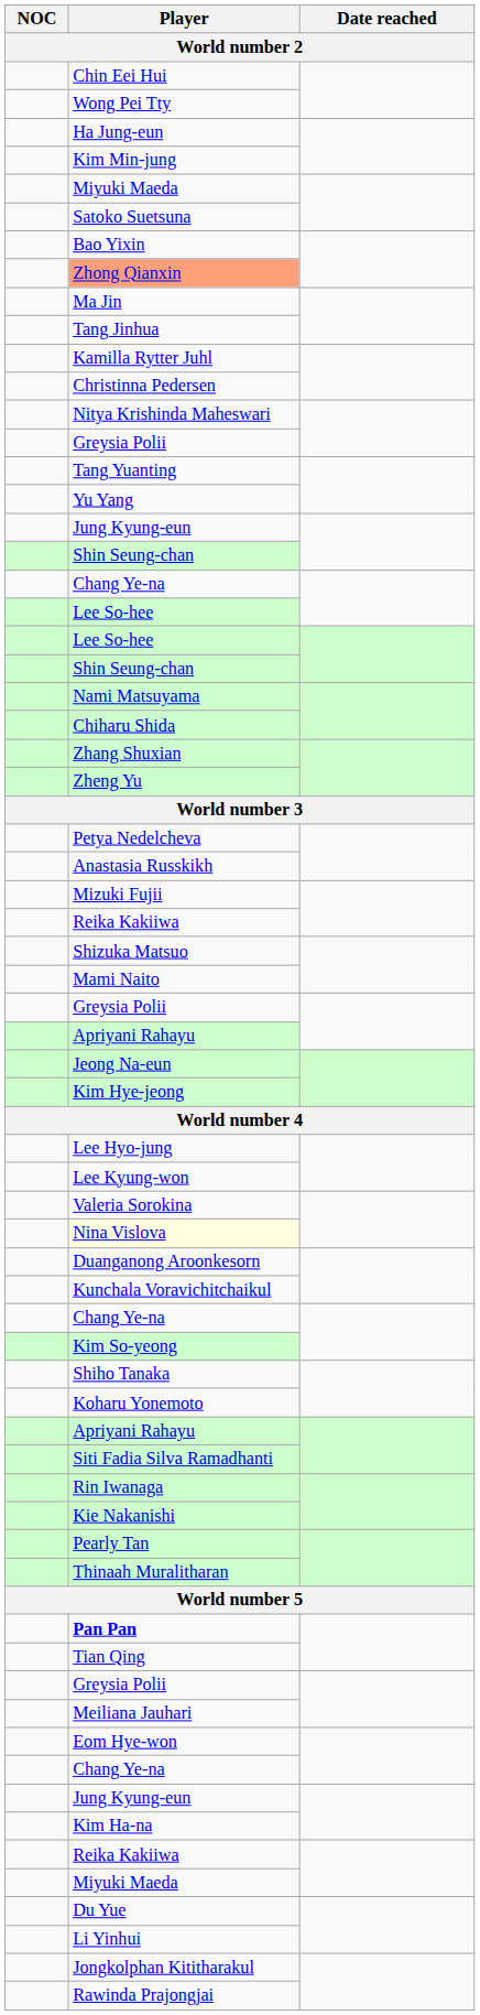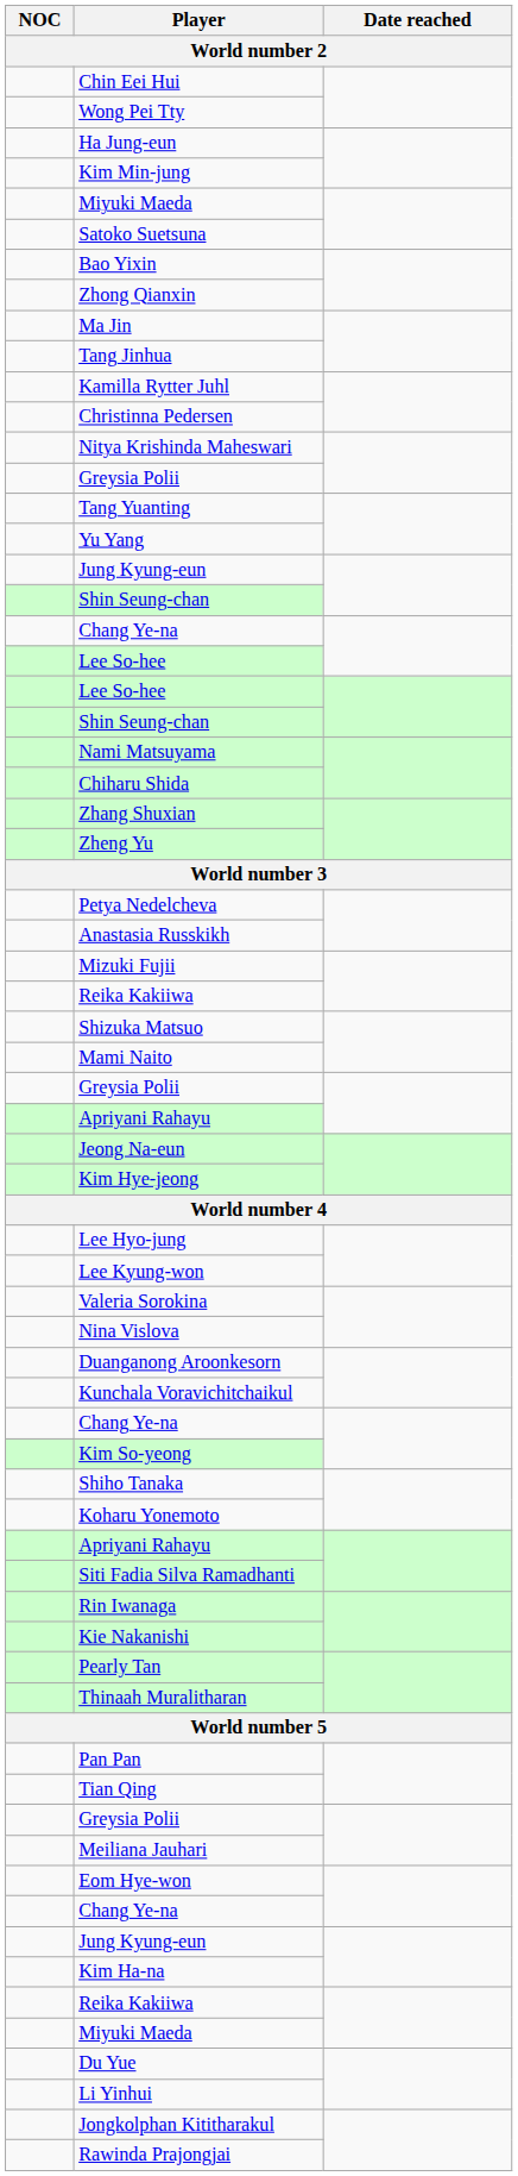 <table class="sortable wikitable">
 <tr>
 <th width="50">NOC</th>
 <th width="200">Player</th>
 <th width="150">Date reached</th>
 </tr>
 <tr>
 <th colspan="3">World number 2</th>
 </tr>
 <tr>
 <td align="center"></td>
 <td><a href='#'>Chin Eei Hui</a></td>
 <td rowspan="2"></td>
 </tr>
 <tr>
 <td align="center"></td>
 <td><a href='#'>Wong Pei Tty</a></td>
 </tr>
 <tr>
 <td align="center"></td>
 <td><a href='#'>Ha Jung-eun</a></td>
 <td rowspan="2"></td>
 </tr>
 <tr>
 <td align="center"></td>
 <td><a href='#'>Kim Min-jung</a></td>
 </tr>
 <tr>
 <td align="center"></td>
 <td><a href='#'>Miyuki Maeda</a></td>
 <td rowspan="2"></td>
 </tr>
 <tr>
 <td align="center"></td>
 <td><a href='#'>Satoko Suetsuna</a></td>
 </tr>
 <tr>
 <td align="center"></td>
 <td><a href='#'>Bao Yixin</a></td>
 <td rowspan="2"></td>
 </tr>
 <tr>
 <td align="center"></td>
-<td style="background: lightsalmon;"><a href='#'>Zhong Qianxin</a></td>
+<td><a href='#'>Zhong Qianxin</a></td>
 </tr>
 <tr>
 <td align="center"></td>
 <td><a href='#'>Ma Jin</a></td>
 <td rowspan="2"></td>
 </tr>
 <tr>
 <td align="center"></td>
 <td><a href='#'>Tang Jinhua</a></td>
 </tr>
 <tr>
 <td align="center"></td>
 <td><a href='#'>Kamilla Rytter Juhl</a></td>
 <td rowspan="2"></td>
 </tr>
 <tr>
 <td align="center"></td>
 <td><a href='#'>Christinna Pedersen</a></td>
 </tr>
 <tr>
 <td align="center"></td>
 <td><a href='#'>Nitya Krishinda Maheswari</a></td>
 <td rowspan="2"></td>
 </tr>
 <tr>
 <td align="center"></td>
 <td><a href='#'>Greysia Polii</a></td>
 </tr>
 <tr>
 <td align="center"></td>
 <td><a href='#'>Tang Yuanting</a></td>
 <td rowspan="2"></td>
 </tr>
 <tr>
 <td align="center"></td>
 <td><a href='#'>Yu Yang</a></td>
 </tr>
 <tr>
 <td align="center"></td>
 <td><a href='#'>Jung Kyung-eun</a></td>
 <td rowspan="2"></td>
 </tr>
 <tr bgcolor="#ccffcc">
 <td align="center"></td>
 <td><a href='#'>Shin Seung-chan</a></td>
 </tr>
 <tr>
 <td align="center"></td>
 <td><a href='#'>Chang Ye-na</a></td>
 <td rowspan="2"></td>
 </tr>
 <tr bgcolor="#ccffcc">
 <td align="center"></td>
 <td><a href='#'>Lee So-hee</a></td>
 </tr>
 <tr bgcolor="#ccffcc">
 <td align="center"></td>
 <td><a href='#'>Lee So-hee</a></td>
 <td rowspan="2"></td>
 </tr>
 <tr bgcolor="#ccffcc">
 <td align="center"></td>
 <td><a href='#'>Shin Seung-chan</a></td>
 </tr>
 <tr bgcolor="#ccffcc">
 <td align="center"></td>
 <td><a href='#'>Nami Matsuyama</a></td>
 <td rowspan="2"></td>
 </tr>
 <tr bgcolor="#ccffcc">
 <td align="center"></td>
 <td><a href='#'>Chiharu Shida</a></td>
 </tr>
 <tr bgcolor="#ccffcc">
 <td align="center"></td>
 <td><a href='#'>Zhang Shuxian</a></td>
 <td rowspan="2"></td>
 </tr>
 <tr bgcolor="#ccffcc">
 <td align="center"></td>
 <td><a href='#'>Zheng Yu</a></td>
 </tr>
 <tr>
 <th colspan="3">World number 3</th>
 </tr>
 <tr>
 <td align="center"></td>
 <td><a href='#'>Petya Nedelcheva</a></td>
 <td rowspan="2"></td>
 </tr>
 <tr>
 <td align="center"></td>
 <td><a href='#'>Anastasia Russkikh</a></td>
 </tr>
 <tr>
 <td align="center"></td>
 <td><a href='#'>Mizuki Fujii</a></td>
 <td rowspan="2"></td>
 </tr>
 <tr>
 <td align="center"></td>
 <td><a href='#'>Reika Kakiiwa</a></td>
 </tr>
 <tr>
 <td align="center"></td>
 <td><a href='#'>Shizuka Matsuo</a></td>
 <td rowspan="2"></td>
 </tr>
 <tr>
 <td align="center"></td>
 <td><a href='#'>Mami Naito</a></td>
 </tr>
 <tr>
 <td align="center"></td>
 <td><a href='#'>Greysia Polii</a></td>
 <td rowspan="2"></td>
 </tr>
 <tr bgcolor="#ccffcc">
 <td align="center"></td>
 <td><a href='#'>Apriyani Rahayu</a></td>
 </tr>
 <tr bgcolor="#ccffcc">
 <td align="center"></td>
 <td><a href='#'>Jeong Na-eun</a></td>
 <td rowspan="2"></td>
 </tr>
 <tr bgcolor="#ccffcc">
 <td align="center"></td>
 <td><a href='#'>Kim Hye-jeong</a></td>
 </tr>
 <tr>
 <th colspan="3">World number 4</th>
 </tr>
 <tr>
 <td align="center"></td>
 <td><a href='#'>Lee Hyo-jung</a></td>
 <td rowspan="2"></td>
 </tr>
 <tr>
 <td align="center"></td>
 <td><a href='#'>Lee Kyung-won</a></td>
 </tr>
 <tr>
 <td align="center"></td>
 <td><a href='#'>Valeria Sorokina</a></td>
 <td rowspan="2"></td>
 </tr>
 <tr>
 <td align="center"></td>
-<td style="background: lightyellow;"><a href='#'>Nina Vislova</a></td>
+<td><a href='#'>Nina Vislova</a></td>
 </tr>
 <tr>
 <td align="center"></td>
 <td><a href='#'>Duanganong Aroonkesorn</a></td>
 <td rowspan="2"></td>
 </tr>
 <tr>
 <td align="center"></td>
 <td><a href='#'>Kunchala Voravichitchaikul</a></td>
 </tr>
 <tr>
 <td align="center"></td>
 <td><a href='#'>Chang Ye-na</a></td>
 <td rowspan="2"></td>
 </tr>
 <tr bgcolor="#ccffcc">
 <td align="center"></td>
 <td><a href='#'>Kim So-yeong</a></td>
 </tr>
 <tr>
 <td align="center"></td>
 <td><a href='#'>Shiho Tanaka</a></td>
 <td rowspan="2"></td>
 </tr>
 <tr>
 <td align="center"></td>
 <td><a href='#'>Koharu Yonemoto</a></td>
 </tr>
 <tr bgcolor="#ccffcc">
 <td align="center"></td>
 <td><a href='#'>Apriyani Rahayu</a></td>
 <td rowspan="2"></td>
 </tr>
 <tr bgcolor="#ccffcc">
 <td align="center"></td>
 <td><a href='#'>Siti Fadia Silva Ramadhanti</a></td>
 </tr>
 <tr bgcolor="#ccffcc">
 <td align="center"></td>
 <td><a href='#'>Rin Iwanaga</a></td>
 <td rowspan="2"></td>
 </tr>
 <tr bgcolor="#ccffcc">
 <td align="center"></td>
 <td><a href='#'>Kie Nakanishi</a></td>
 </tr>
 <tr bgcolor="#ccffcc">
 <td align="center"></td>
 <td><a href='#'>Pearly Tan</a></td>
 <td rowspan="2"></td>
 </tr>
 <tr bgcolor="#ccffcc">
 <td align="center"></td>
 <td><a href='#'>Thinaah Muralitharan</a></td>
 </tr>
 <tr>
 <th colspan="3">World number 5</th>
 </tr>
 <tr>
 <td align="center"></td>
-<td><strong><a href='#'>Pan Pan</a></strong></td>
+<td><a href='#'>Pan Pan</a></td>
 <td rowspan="2"></td>
 </tr>
 <tr>
 <td align="center"></td>
 <td><a href='#'>Tian Qing</a></td>
 </tr>
 <tr>
 <td align="center"></td>
 <td><a href='#'>Greysia Polii</a></td>
 <td rowspan="2"></td>
 </tr>
 <tr>
 <td align="center"></td>
 <td><a href='#'>Meiliana Jauhari</a></td>
 </tr>
 <tr>
 <td align="center"></td>
 <td><a href='#'>Eom Hye-won</a></td>
 <td rowspan="2"></td>
 </tr>
 <tr>
 <td align="center"></td>
 <td><a href='#'>Chang Ye-na</a></td>
 </tr>
 <tr>
 <td align="center"></td>
 <td><a href='#'>Jung Kyung-eun</a></td>
 <td rowspan="2"></td>
 </tr>
 <tr>
 <td align="center"></td>
 <td><a href='#'>Kim Ha-na</a></td>
 </tr>
 <tr>
 <td align="center"></td>
 <td><a href='#'>Reika Kakiiwa</a></td>
 <td rowspan="2"></td>
 </tr>
 <tr>
 <td align="center"></td>
 <td><a href='#'>Miyuki Maeda</a></td>
 </tr>
 <tr>
 <td align="center"></td>
 <td><a href='#'>Du Yue</a></td>
 <td rowspan="2"></td>
 </tr>
 <tr>
 <td align="center"></td>
 <td><a href='#'>Li Yinhui</a></td>
 </tr>
 <tr>
 <td align="center"></td>
 <td><a href='#'>Jongkolphan Kititharakul</a></td>
 <td rowspan="2"></td>
 </tr>
 <tr>
 <td align="center"></td>
 <td><a href='#'>Rawinda Prajongjai</a></td>
 </tr>
 </table>
